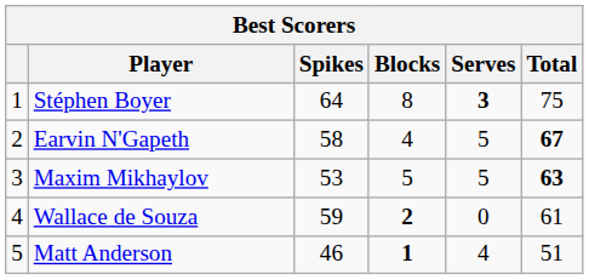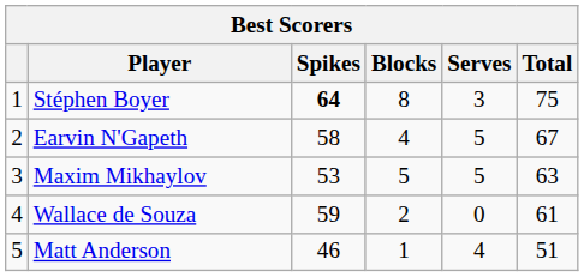 <table class="wikitable sortable" style=font-size:90%>
 <tr>
 <th colspan=6>Best Scorers</th>
 </tr>
 <tr>
 <th></th>
 <th width=158>Player</th>
 <th width=20>Spikes</th>
 <th width=20>Blocks</th>
 <th width=20>Serves</th>
 <th width=20>Total</th>
 </tr>
 <tr>
 <td>1</td>
 <td> <a href='#'>Stéphen Boyer</a></td>
-<td align=center>64</td>
+<td align=center><strong>64</strong></td>
 <td align=center>8</td>
-<td align=center><strong>3</strong></td>
+<td align=center>3</td>
 <td align=center>75</td>
 </tr>
 <tr>
 <td>2</td>
 <td> <a href='#'>Earvin N'Gapeth</a></td>
 <td align=center>58</td>
 <td align=center>4</td>
 <td align=center>5</td>
-<td align=center><strong>67</strong></td>
+<td align=center>67</td>
 </tr>
 <tr>
 <td>3</td>
 <td> <a href='#'>Maxim Mikhaylov</a></td>
 <td align=center>53</td>
 <td align=center>5</td>
 <td align=center>5</td>
-<td align=center><strong>63</strong></td>
+<td align=center>63</td>
 </tr>
 <tr>
 <td>4</td>
 <td> <a href='#'>Wallace de Souza</a></td>
 <td align=center>59</td>
-<td align=center><strong>2</strong></td>
+<td align=center>2</td>
 <td align=center>0</td>
 <td align=center>61</td>
 </tr>
 <tr>
 <td>5</td>
 <td> <a href='#'>Matt Anderson</a></td>
 <td align=center>46</td>
-<td align=center><strong>1</strong></td>
+<td align=center>1</td>
 <td align=center>4</td>
 <td align=center>51</td>
 </tr>
 </table>
